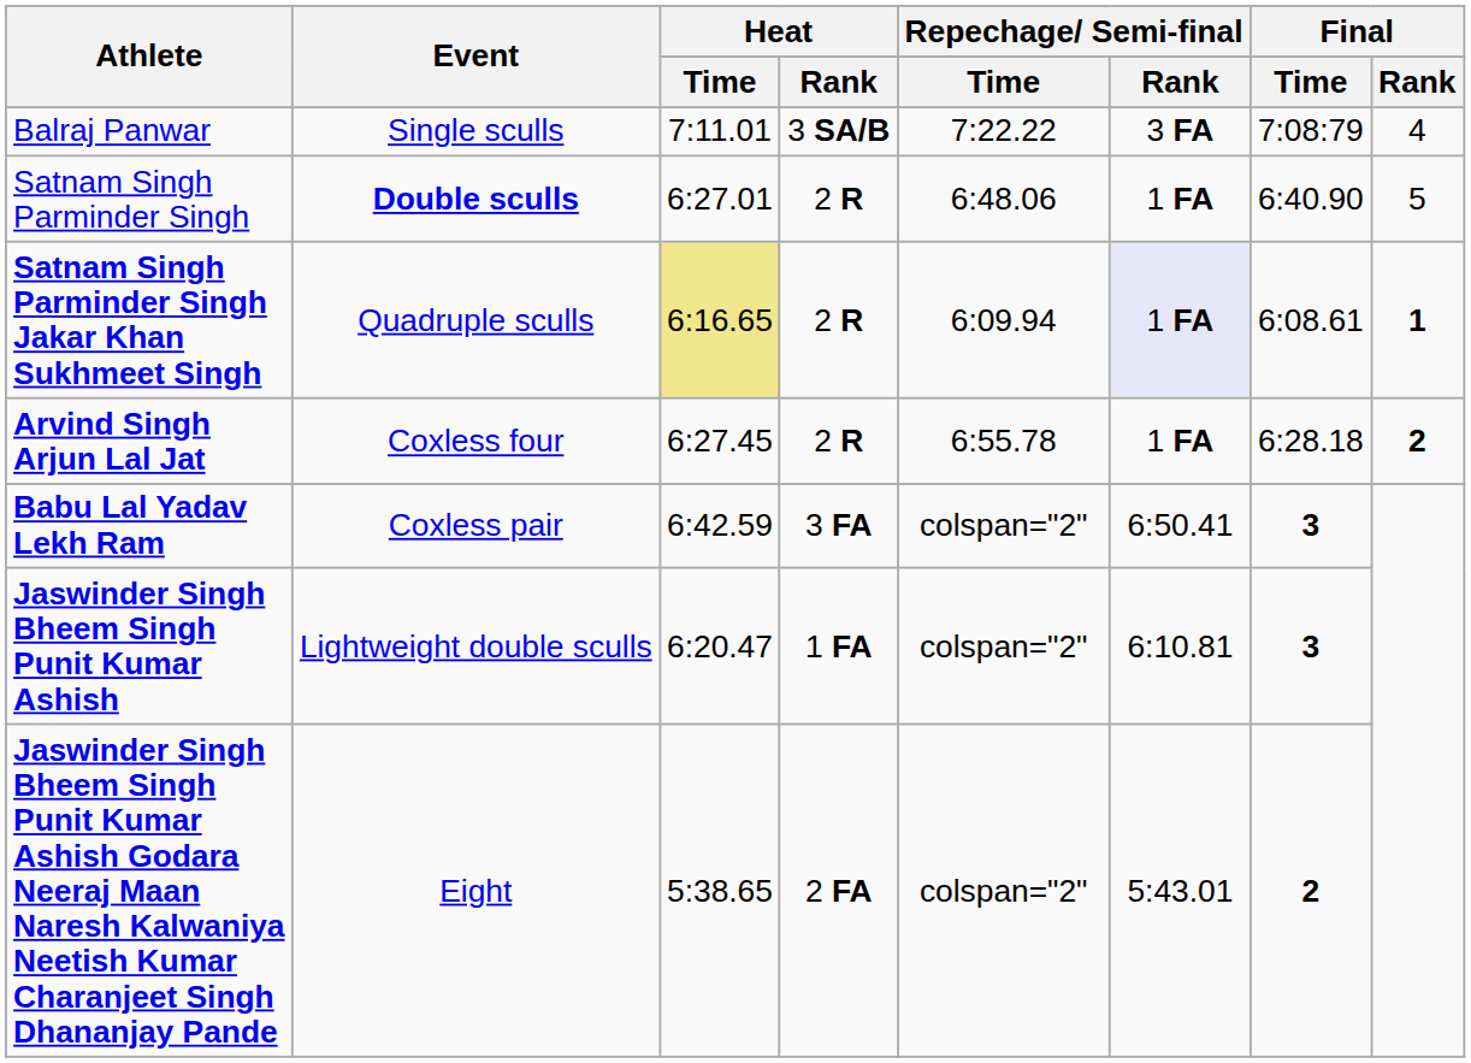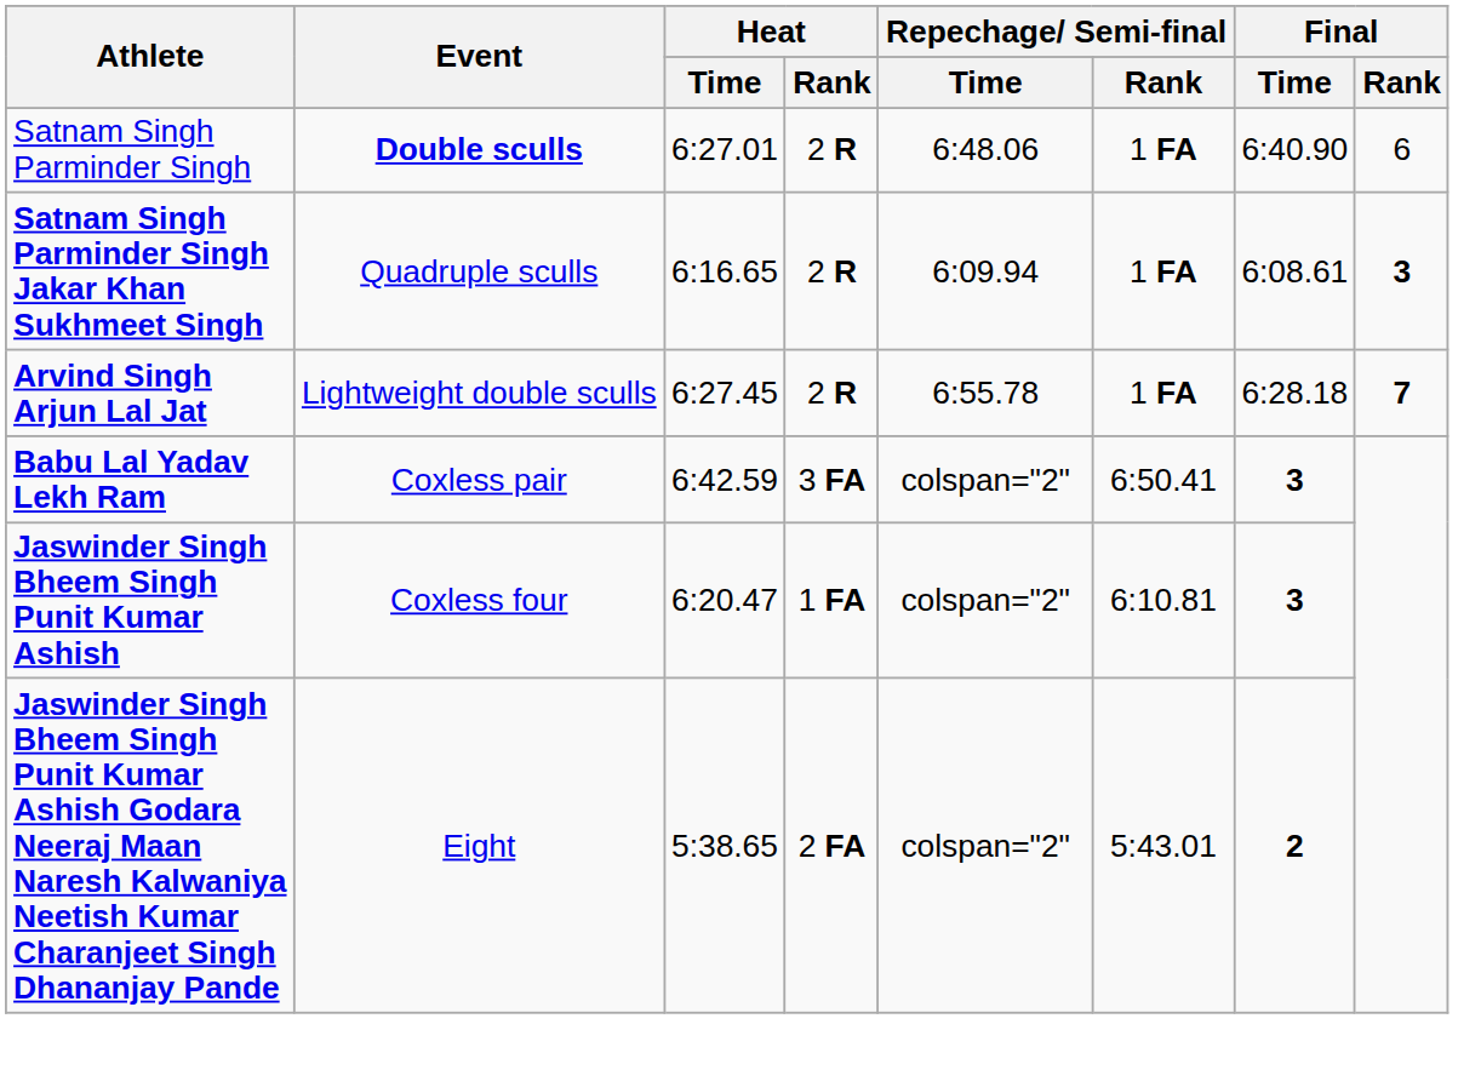 <table class=wikitable style="text-align:center; font-size:90%">
 <tr>
 <th rowspan="2">Athlete</th>
 <th rowspan="2">Event</th>
 <th colspan="2">Heat</th>
 <th colspan="2">Repechage/ Semi-final</th>
 <th colspan="2">Final</th>
 </tr>
 <tr>
 <th>Time</th>
 <th>Rank</th>
 <th>Time</th>
 <th>Rank</th>
 <th>Time</th>
 <th>Rank</th>
 </tr>
 <tr>
-<td align=left><a href='#'>Balraj Panwar</a></td>
-<td><a href='#'>Single sculls</a></td>
-<td>7:11.01</td>
-<td>3 <strong>SA/B</strong></td>
-<td>7:22.22</td>
-<td>3 <strong>FA</strong></td>
-<td>7:08:79</td>
-<td>4</td>
-</tr>
-<tr>
 <td align=left><a href='#'>Satnam Singh</a><br><a href='#'>Parminder Singh</a></td>
 <td><strong><a href='#'>Double sculls</a></strong></td>
 <td>6:27.01</td>
 <td>2 <strong>R</strong></td>
 <td>6:48.06</td>
 <td>1 <strong>FA</strong></td>
 <td>6:40.90</td>
-<td>5</td>
+<td>6</td>
 </tr>
 <tr>
 <td align=left><strong><a href='#'>Satnam Singh</a><br><a href='#'>Parminder Singh</a><br><a href='#'>Jakar Khan</a><br><a href='#'>Sukhmeet Singh</a></strong></td>
 <td><a href='#'>Quadruple sculls</a></td>
-<td style="background: khaki;">6:16.65</td>
+<td>6:16.65</td>
 <td>2 <strong>R</strong></td>
 <td>6:09.94</td>
-<td style="background: lavender;">1 <strong>FA</strong></td>
+<td>1 <strong>FA</strong></td>
 <td>6:08.61</td>
-<td><strong>1</strong></td>
+<td><strong>3</strong></td>
 </tr>
 <tr>
 <td align=left><strong><a href='#'>Arvind Singh</a><br><a href='#'>Arjun Lal Jat</a></strong></td>
-<td><a href='#'>Coxless four</a></td>
+<td><a href='#'>Lightweight double sculls</a></td>
 <td>6:27.45</td>
 <td>2 <strong>R</strong></td>
 <td>6:55.78</td>
 <td>1 <strong>FA</strong></td>
 <td>6:28.18</td>
-<td><strong>2</strong></td>
+<td><strong>7</strong></td>
 </tr>
 <tr>
 <td align=left><strong><a href='#'>Babu Lal Yadav</a><br><a href='#'>Lekh Ram</a></strong></td>
 <td><a href='#'>Coxless pair</a></td>
 <td>6:42.59</td>
 <td>3 <strong>FA</strong></td>
 <td>colspan="2" </td>
 <td>6:50.41</td>
 <td><strong>3</strong></td>
 </tr>
 <tr>
 <td align=left><strong><a href='#'>Jaswinder Singh</a><br><a href='#'>Bheem Singh</a><br><a href='#'>Punit Kumar</a><br><a href='#'>Ashish</a></strong></td>
-<td><a href='#'>Lightweight double sculls</a></td>
+<td><a href='#'>Coxless four</a></td>
 <td>6:20.47</td>
 <td>1 <strong>FA</strong></td>
 <td>colspan="2" </td>
 <td>6:10.81</td>
 <td><strong>3</strong></td>
 </tr>
 <tr>
 <td align=left><strong><a href='#'>Jaswinder Singh</a><br><a href='#'>Bheem Singh</a><br><a href='#'>Punit Kumar</a><br><a href='#'>Ashish Godara</a><br><a href='#'>Neeraj Maan</a><br><a href='#'>Naresh Kalwaniya</a><br><a href='#'>Neetish Kumar</a><br><a href='#'>Charanjeet Singh</a><br><a href='#'>Dhananjay Pande</a></strong></td>
 <td><a href='#'>Eight</a></td>
 <td>5:38.65</td>
 <td>2 <strong>FA</strong></td>
 <td>colspan="2" </td>
 <td>5:43.01</td>
 <td><strong>2</strong></td>
 </tr>
 </table>
